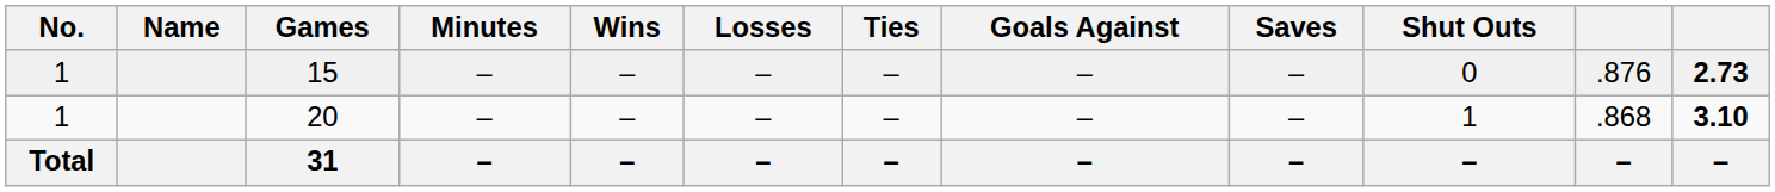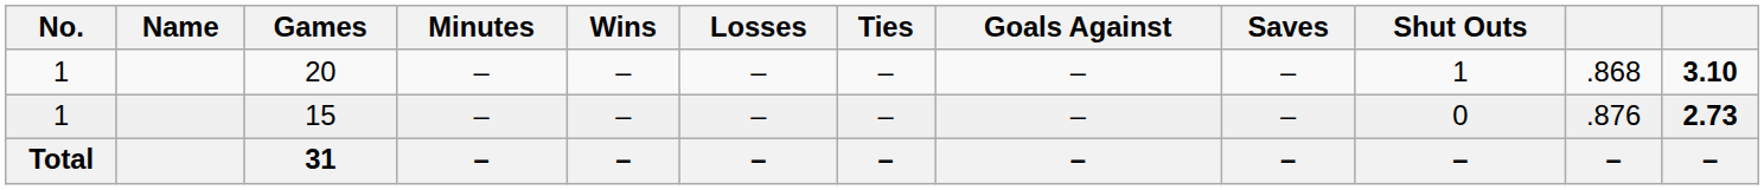 <table class="wikitable sortable" width ="1000">
 <tr align="center">
 <th><strong>No.</strong></th>
 <th><strong>Name</strong></th>
 <th><strong>Games</strong></th>
 <th><strong>Minutes</strong></th>
 <th><strong>Wins</strong></th>
 <th><strong>Losses</strong></th>
 <th><strong>Ties</strong></th>
 <th><strong>Goals Against</strong></th>
 <th><strong>Saves</strong></th>
 <th><strong>Shut Outs</strong></th>
 <th><strong><a href='#'></a></strong></th>
 <th><strong><a href='#'></a></strong></th>
 </tr>
+<tr align="center" bgcolor="">
+<td>1</td>
+<td></td>
+<td>20</td>
+<td>–</td>
+<td>–</td>
+<td>–</td>
+<td>–</td>
+<td>–</td>
+<td>–</td>
+<td>1</td>
+<td>.868</td>
+<td><strong>3.10</strong></td>
+</tr>
 <tr align="center" bgcolor="#f0f0f0">
 <td>1</td>
 <td></td>
 <td>15</td>
 <td>–</td>
 <td>–</td>
 <td>–</td>
 <td>–</td>
 <td>–</td>
 <td>–</td>
 <td>0</td>
 <td>.876</td>
 <td><strong>2.73</strong></td>
-</tr>
-<tr align="center" bgcolor="">
-<td>1</td>
-<td></td>
-<td>20</td>
-<td>–</td>
-<td>–</td>
-<td>–</td>
-<td>–</td>
-<td>–</td>
-<td>–</td>
-<td>1</td>
-<td>.868</td>
-<td><strong>3.10</strong></td>
 </tr>
 <tr>
 <th>Total</th>
 <th></th>
 <th>31</th>
 <th>–</th>
 <th>–</th>
 <th>–</th>
 <th>–</th>
 <th>–</th>
 <th>–</th>
 <th>–</th>
 <th>–</th>
 <th>–</th>
 </tr>
 </table>
